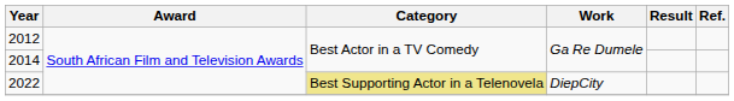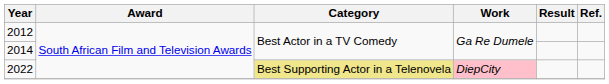 <table class="wikitable plainrowheaders">
 <tr>
 <th>Year</th>
 <th>Award</th>
 <th>Category</th>
 <th>Work</th>
 <th>Result</th>
 <th>Ref.</th>
 </tr>
 <tr>
 <td>2012</td>
 <td rowspan="3"><a href='#'>South African Film and Television Awards</a></td>
 <td rowspan="2">Best Actor in a TV Comedy</td>
 <td rowspan="2"><em>Ga Re Dumele</em></td>
 <td></td>
 <td></td>
 </tr>
 <tr>
 <td>2014</td>
 <td></td>
 <td></td>
 </tr>
 <tr>
 <td>2022</td>
 <td style="background: khaki;">Best Supporting Actor in a Telenovela</td>
-<td><em>DiepCity</em></td>
+<td style="background: pink;"><em>DiepCity</em></td>
 <td></td>
 <td></td>
 </tr>
 <tr>
 </tr>
 </table>
